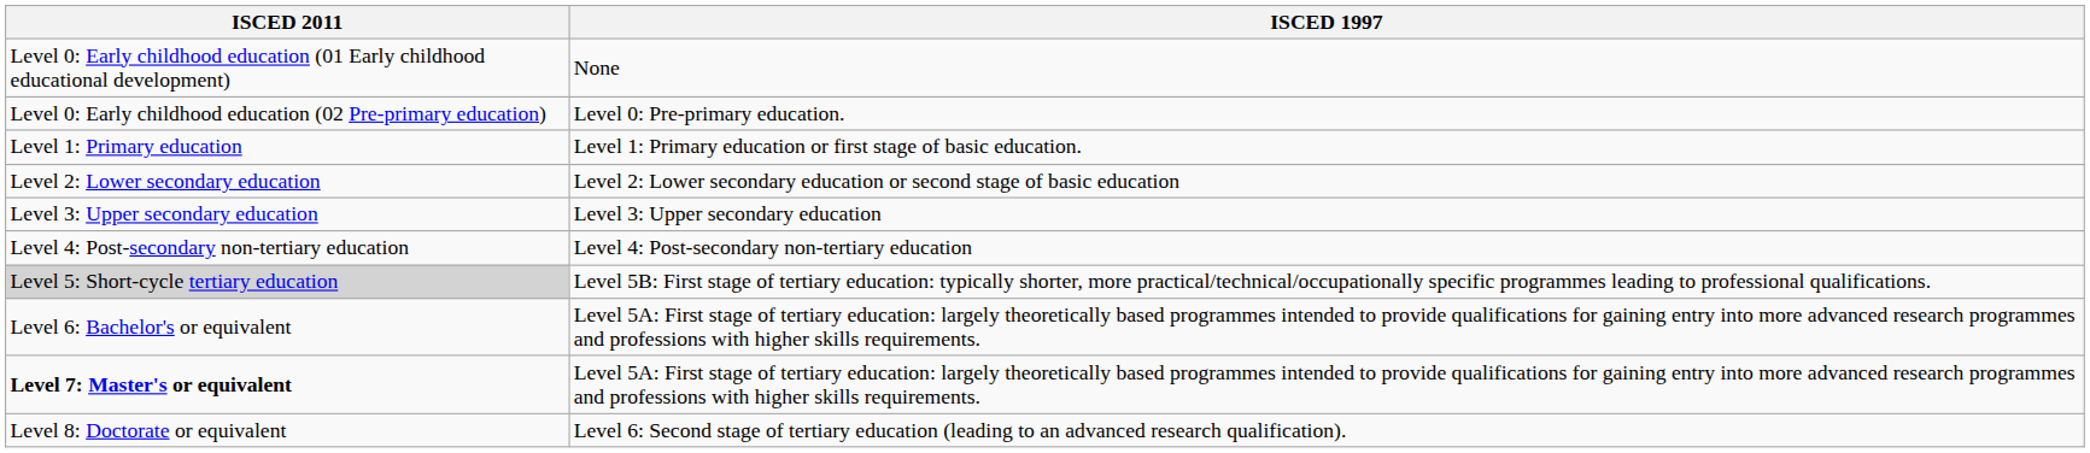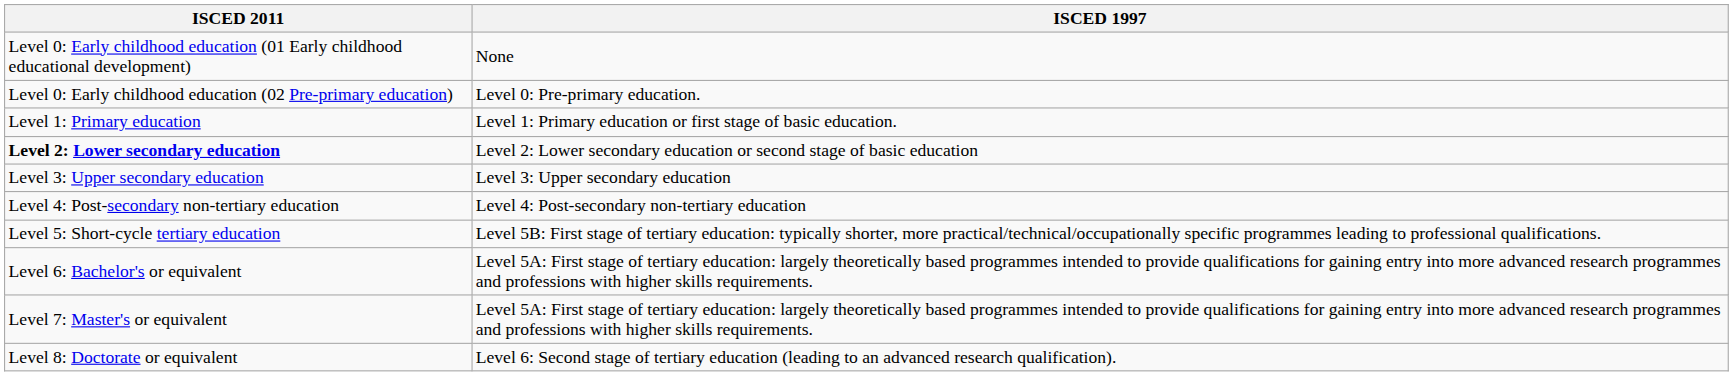 <table class="wikitable">
 <tr>
 <th>ISCED 2011</th>
 <th>ISCED 1997</th>
 </tr>
 <tr>
 <td>Level 0: <a href='#'>Early childhood education</a> (01 Early childhood educational development)</td>
 <td>None</td>
 </tr>
 <tr>
 <td>Level 0: Early childhood education (02 <a href='#'>Pre-primary education</a>)</td>
 <td>Level 0: Pre-primary education.</td>
 </tr>
 <tr>
 <td>Level 1: <a href='#'>Primary education</a></td>
 <td>Level 1: Primary education or first stage of basic education.</td>
 </tr>
 <tr>
-<td>Level 2: <a href='#'>Lower secondary education</a></td>
+<td><strong>Level 2: <a href='#'>Lower secondary education</a></strong></td>
 <td>Level 2: Lower secondary education or second stage of basic education</td>
 </tr>
 <tr>
 <td>Level 3: <a href='#'>Upper secondary education</a></td>
 <td>Level 3: Upper secondary education</td>
 </tr>
 <tr>
 <td>Level 4: Post-<a href='#'>secondary</a> non-tertiary education</td>
 <td>Level 4: Post-secondary non-tertiary education</td>
 </tr>
 <tr>
-<td style="background: lightgrey;">Level 5: Short-cycle <a href='#'>tertiary education</a></td>
+<td>Level 5: Short-cycle <a href='#'>tertiary education</a></td>
 <td>Level 5B: First stage of tertiary education: typically shorter, more practical/technical/occupationally specific programmes leading to professional qualifications.</td>
 </tr>
 <tr>
 <td>Level 6: <a href='#'>Bachelor's</a> or equivalent</td>
 <td>Level 5A: First stage of tertiary education: largely theoretically based programmes intended to provide qualifications for gaining entry into more advanced research programmes and professions with higher skills requirements.</td>
 </tr>
 <tr>
-<td><strong>Level 7: <a href='#'>Master's</a> or equivalent</strong></td>
+<td>Level 7: <a href='#'>Master's</a> or equivalent</td>
 <td>Level 5A: First stage of tertiary education: largely theoretically based programmes intended to provide qualifications for gaining entry into more advanced research programmes and professions with higher skills requirements.</td>
 </tr>
 <tr>
 <td>Level 8: <a href='#'>Doctorate</a> or equivalent</td>
 <td>Level 6: Second stage of tertiary education (leading to an advanced research qualification).</td>
 </tr>
 </table>
